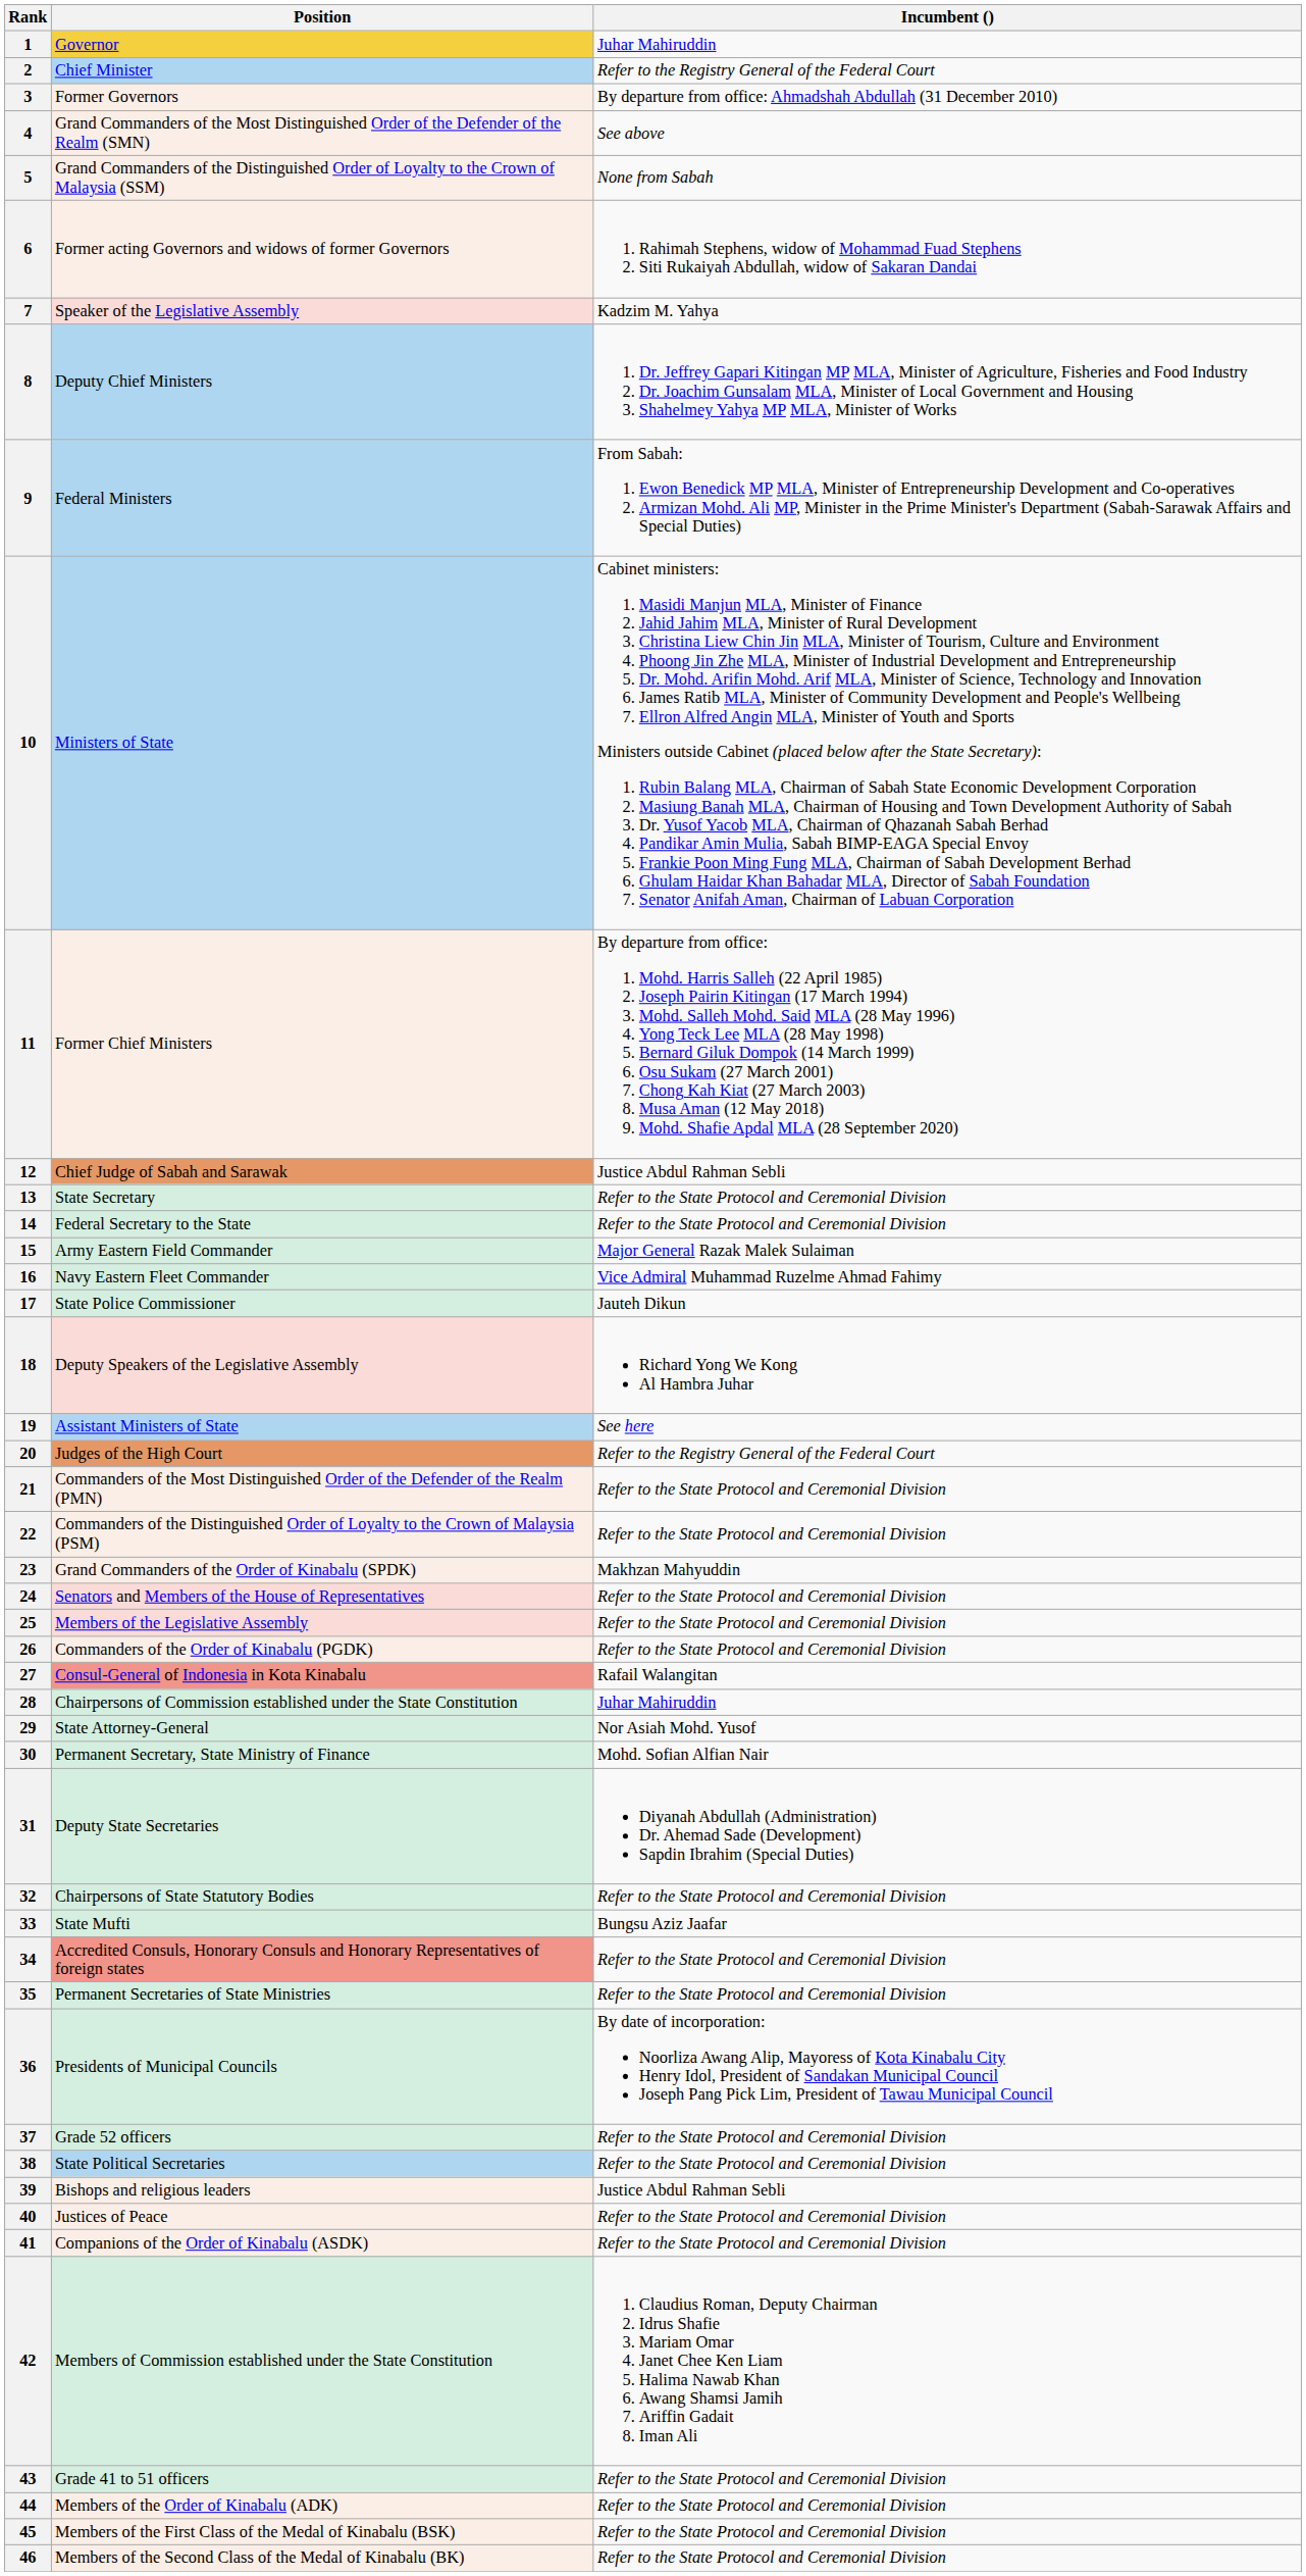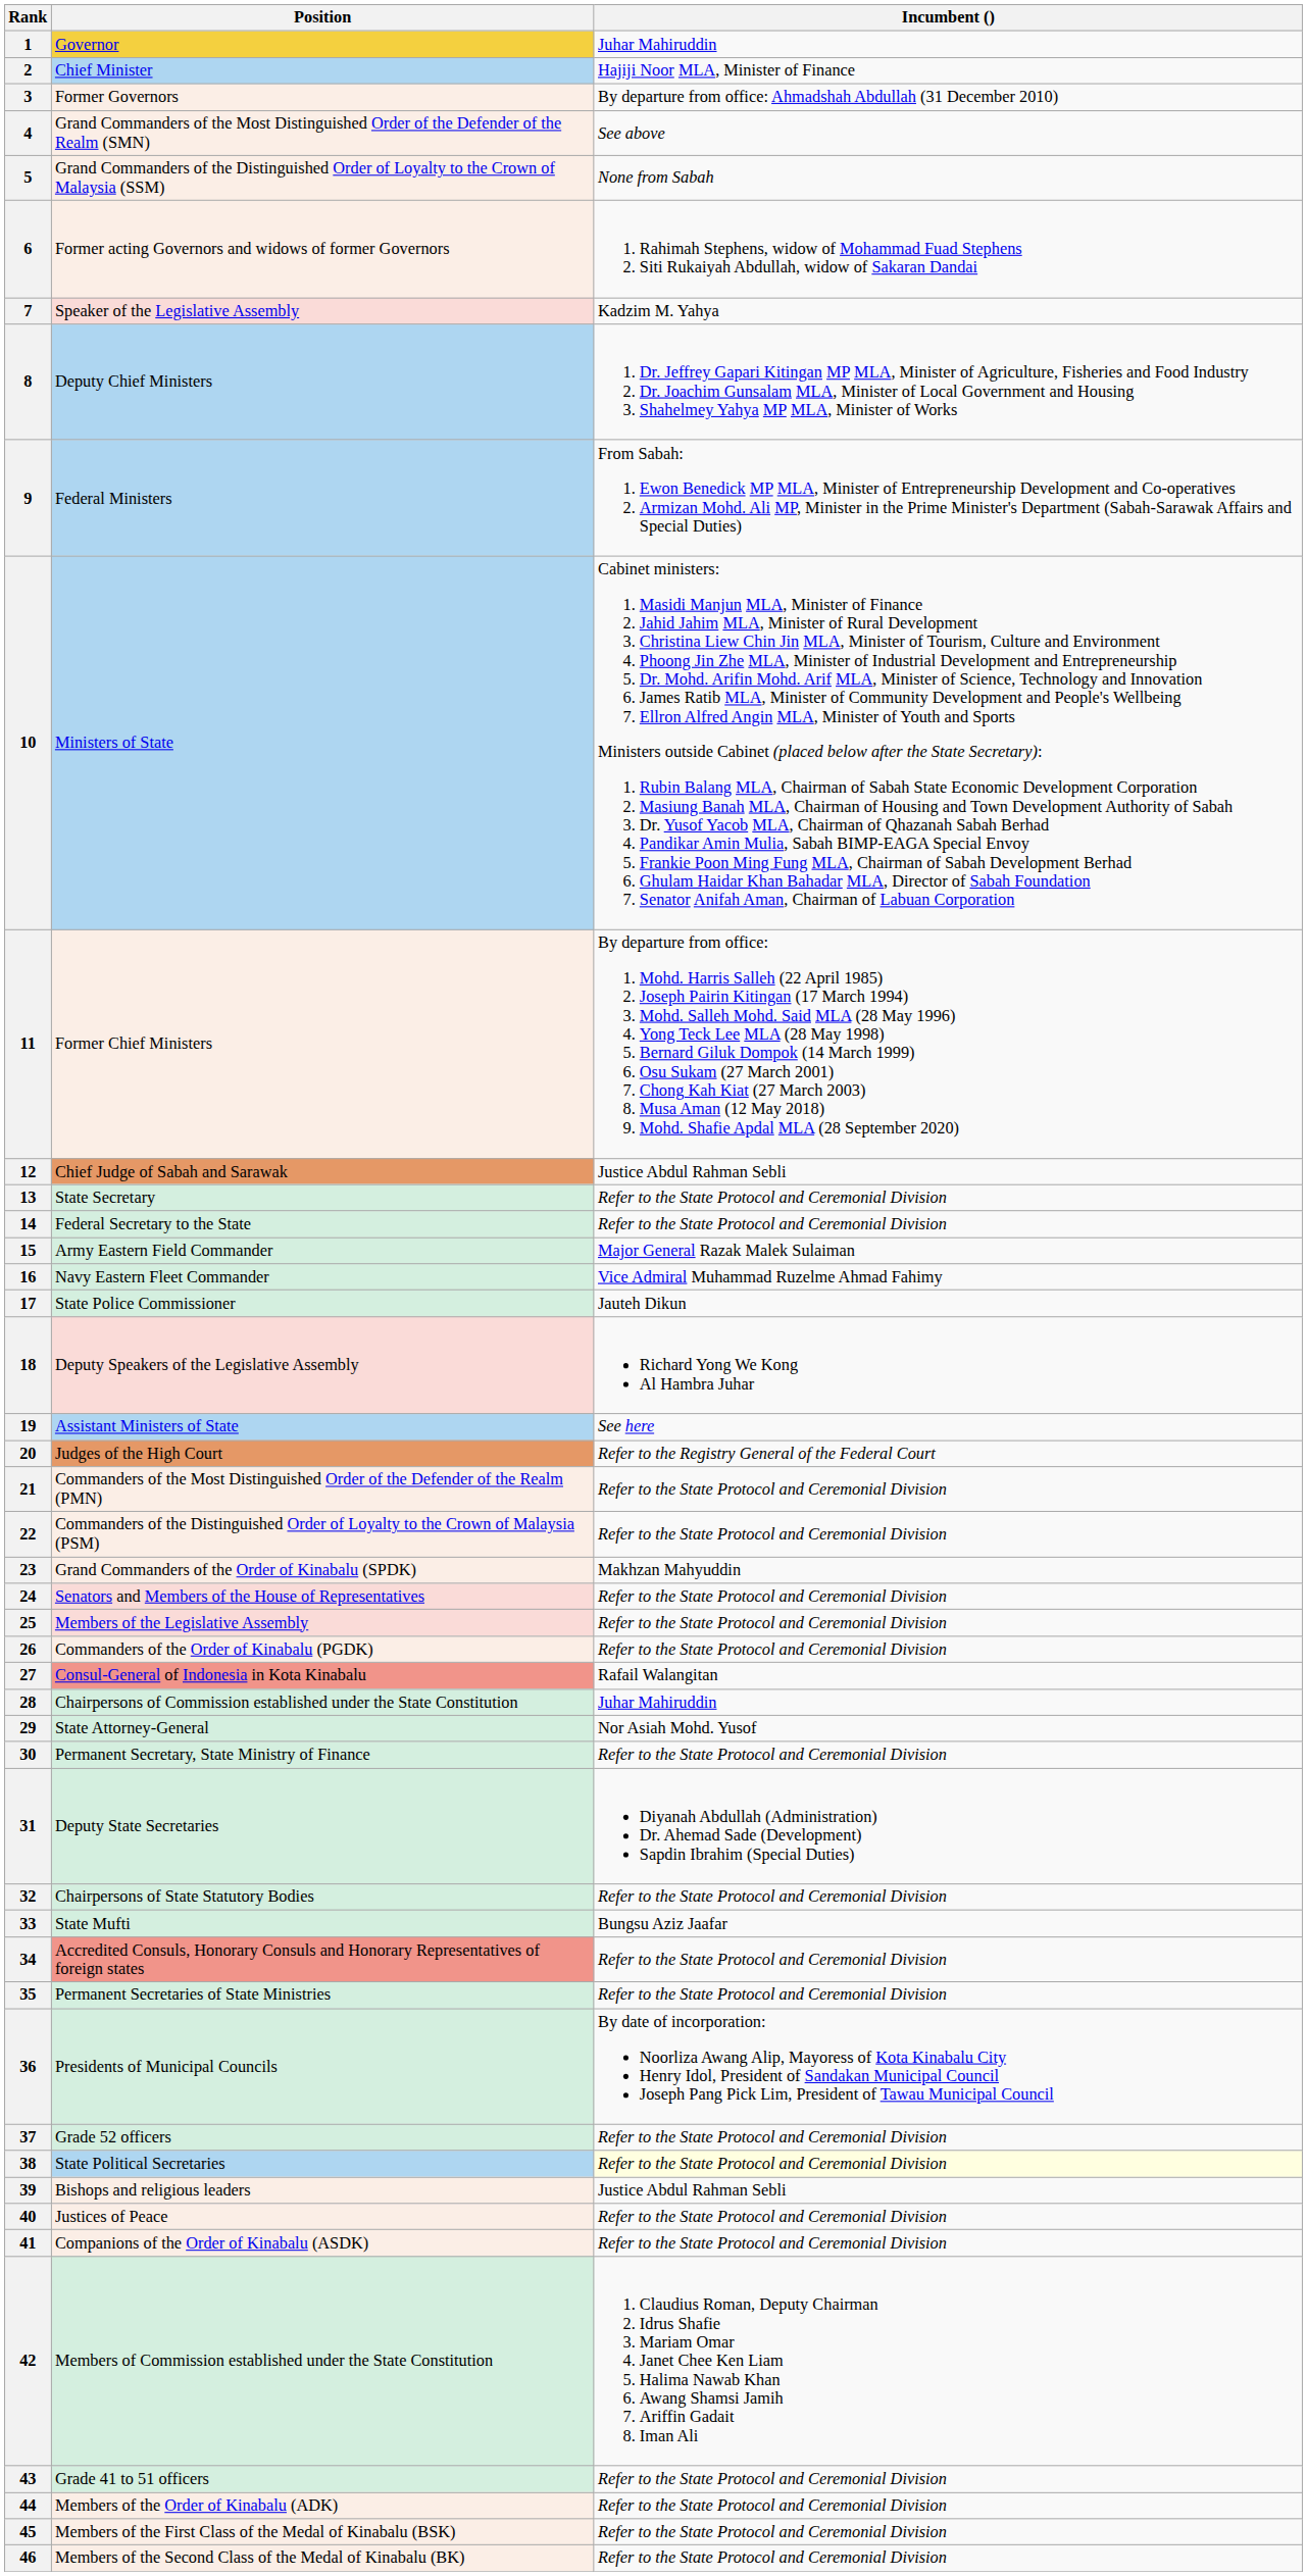 <table class="wikitable">
 <tr>
 <th>Rank</th>
 <th>Position</th>
 <th>Incumbent ()</th>
 </tr>
 <tr>
 <th>1</th>
 <td style="background:#F4D03F;"><a href='#'>Governor</a></td>
 <td><a href='#'>Juhar Mahiruddin</a></td>
 </tr>
 <tr>
 <th>2</th>
 <td style="background:#AED6F1;"><a href='#'>Chief Minister</a></td>
-<td><em>Refer to the Registry General of the Federal Court</em></td>
+<td><a href='#'>Hajiji Noor</a> <a href='#'>MLA</a>, Minister of Finance</td>
 </tr>
 <tr>
 <th>3</th>
 <td style="background:#FBEEE6;">Former Governors</td>
 <td>By departure from office: <a href='#'>Ahmadshah Abdullah</a> (31 December 2010)</td>
 </tr>
 <tr>
 <th>4</th>
 <td style="background:#FBEEE6;">Grand Commanders of the Most Distinguished <a href='#'>Order of the Defender of the Realm</a> (SMN)</td>
 <td><em>See above</em></td>
 </tr>
 <tr>
 <th>5</th>
 <td style="background:#FBEEE6;">Grand Commanders of the Distinguished <a href='#'>Order of Loyalty to the Crown of Malaysia</a> (SSM)</td>
 <td><em>None from Sabah</em></td>
 </tr>
 <tr>
 <th>6</th>
 <td style="background:#FBEEE6;">Former acting Governors and widows of former Governors</td>
 <td><br><ol><li>Rahimah Stephens, widow of <a href='#'>Mohammad Fuad Stephens</a></li><li>Siti Rukaiyah Abdullah, widow of <a href='#'>Sakaran Dandai</a></li></ol></td>
 </tr>
 <tr>
 <th>7</th>
 <td style="background:#FADBD8;">Speaker of the <a href='#'>Legislative Assembly</a></td>
 <td>Kadzim M. Yahya</td>
 </tr>
 <tr>
 <th>8</th>
 <td style="background:#AED6F1;">Deputy Chief Ministers</td>
 <td><br><ol><li><a href='#'>Dr. Jeffrey Gapari Kitingan</a> <a href='#'>MP</a> <a href='#'>MLA</a>, Minister of Agriculture, Fisheries and Food Industry</li><li><a href='#'>Dr. Joachim Gunsalam</a> <a href='#'>MLA</a>, Minister of Local Government and Housing</li><li><a href='#'>Shahelmey Yahya</a> <a href='#'>MP</a> <a href='#'>MLA</a>, Minister of Works</li></ol></td>
 </tr>
 <tr>
 <th>9</th>
 <td style="background:#AED6F1;">Federal Ministers</td>
 <td>From Sabah:<br><ol><li><a href='#'>Ewon Benedick</a> <a href='#'>MP</a> <a href='#'>MLA</a>, Minister of Entrepreneurship Development and Co-operatives</li><li><a href='#'>Armizan Mohd. Ali</a> <a href='#'>MP</a>, Minister in the Prime Minister's Department (Sabah-Sarawak Affairs and Special Duties)</li></ol></td>
 </tr>
 <tr>
 <th>10</th>
 <td style="background:#AED6F1;"><a href='#'>Ministers of State</a></td>
 <td>Cabinet ministers:<br><ol><li><a href='#'>Masidi Manjun</a> <a href='#'>MLA</a>, Minister of Finance</li><li><a href='#'>Jahid Jahim</a> <a href='#'>MLA</a>, Minister of Rural Development</li><li><a href='#'>Christina Liew Chin Jin</a> <a href='#'>MLA</a>, Minister of Tourism, Culture and Environment</li><li><a href='#'>Phoong Jin Zhe</a> <a href='#'>MLA</a>, Minister of Industrial Development and Entrepreneurship</li><li><a href='#'>Dr. Mohd. Arifin Mohd. Arif</a> <a href='#'>MLA</a>, Minister of Science, Technology and Innovation</li><li>James Ratib <a href='#'>MLA</a>, Minister of Community Development and People's Wellbeing</li><li><a href='#'>Ellron Alfred Angin</a> <a href='#'>MLA</a>, Minister of Youth and Sports</li></ol>Ministers outside Cabinet <em>(placed below after the State Secretary)</em>:<ol><li><a href='#'>Rubin Balang</a> <a href='#'>MLA</a>, Chairman of Sabah State Economic Development Corporation</li><li><a href='#'>Masiung Banah</a> <a href='#'>MLA</a>, Chairman of Housing and Town Development Authority of Sabah</li><li>Dr. <a href='#'>Yusof Yacob</a> <a href='#'>MLA</a>, Chairman of Qhazanah Sabah Berhad</li><li><a href='#'>Pandikar Amin Mulia</a>, Sabah BIMP-EAGA Special Envoy</li><li><a href='#'>Frankie Poon Ming Fung</a> <a href='#'>MLA</a>, Chairman of Sabah Development Berhad</li><li><a href='#'>Ghulam Haidar Khan Bahadar</a> <a href='#'>MLA</a>, Director of <a href='#'>Sabah Foundation</a></li><li><a href='#'>Senator</a> <a href='#'>Anifah Aman</a>, Chairman of <a href='#'>Labuan Corporation</a></li></ol></td>
 </tr>
 <tr>
 <th>11</th>
 <td style="background:#FBEEE6;">Former Chief Ministers</td>
 <td>By departure from office:<br><ol><li><a href='#'>Mohd. Harris Salleh</a> (22 April 1985)</li><li><a href='#'>Joseph Pairin Kitingan</a> (17 March 1994)</li><li><a href='#'>Mohd. Salleh Mohd. Said</a> <a href='#'>MLA</a> (28 May 1996)</li><li><a href='#'>Yong Teck Lee</a> <a href='#'>MLA</a> (28 May 1998)</li><li><a href='#'>Bernard Giluk Dompok</a> (14 March 1999)</li><li><a href='#'>Osu Sukam</a> (27 March 2001)</li><li><a href='#'>Chong Kah Kiat</a> (27 March 2003)</li><li><a href='#'>Musa Aman</a> (12 May 2018)</li><li><a href='#'>Mohd. Shafie Apdal</a> <a href='#'>MLA</a> (28 September 2020)</li></ol></td>
 </tr>
 <tr>
 <th>12</th>
 <td style="background:#E59866;">Chief Judge of Sabah and Sarawak</td>
 <td>Justice Abdul Rahman Sebli</td>
 </tr>
 <tr>
 <th>13</th>
 <td style="background:#D4EFDF;">State Secretary</td>
 <td><em>Refer to the State Protocol and Ceremonial Division</em></td>
 </tr>
 <tr>
 <th>14</th>
 <td style="background:#D4EFDF;">Federal Secretary to the State</td>
 <td><em>Refer to the State Protocol and Ceremonial Division</em></td>
 </tr>
 <tr>
 <th>15</th>
 <td style="background:#D4EFDF;">Army Eastern Field Commander</td>
 <td><a href='#'>Major General</a> Razak Malek Sulaiman</td>
 </tr>
 <tr>
 <th>16</th>
 <td style="background:#D4EFDF;">Navy Eastern Fleet Commander</td>
 <td><a href='#'>Vice Admiral</a> Muhammad Ruzelme Ahmad Fahimy</td>
 </tr>
 <tr>
 <th>17</th>
 <td style="background:#D4EFDF;">State Police Commissioner</td>
 <td>Jauteh Dikun</td>
 </tr>
 <tr>
 <th>18</th>
 <td style="background:#FADBD8;">Deputy Speakers of the Legislative Assembly</td>
 <td><br><ul><li>Richard Yong We Kong</li><li>Al Hambra Juhar</li></ul></td>
 </tr>
 <tr>
 <th>19</th>
 <td style="background:#AED6F1;"><a href='#'>Assistant Ministers of State</a></td>
 <td><em>See <a href='#'>here</a></em></td>
 </tr>
 <tr>
 <th>20</th>
 <td style="background:#E59866;">Judges of the High Court</td>
 <td><em>Refer to the Registry General of the Federal Court</em></td>
 </tr>
 <tr>
 <th>21</th>
 <td style="background:#FBEEE6;">Commanders of the Most Distinguished <a href='#'>Order of the Defender of the Realm</a> (PMN)</td>
 <td><em>Refer to the State Protocol and Ceremonial Division</em></td>
 </tr>
 <tr>
 <th>22</th>
 <td style="background:#FBEEE6;">Commanders of the Distinguished <a href='#'>Order of Loyalty to the Crown of Malaysia</a> (PSM)</td>
 <td><em>Refer to the State Protocol and Ceremonial Division</em></td>
 </tr>
 <tr>
 <th>23</th>
 <td style="background:#FBEEE6;">Grand Commanders of the <a href='#'>Order of Kinabalu</a> (SPDK)</td>
 <td>Makhzan Mahyuddin</td>
 </tr>
 <tr>
 <th>24</th>
 <td style="background:#FADBD8;"><a href='#'>Senators</a> and <a href='#'>Members of the House of Representatives</a></td>
 <td><em>Refer to the State Protocol and Ceremonial Division</em></td>
 </tr>
 <tr>
 <th>25</th>
 <td style="background:#FADBD8;"><a href='#'>Members of the Legislative Assembly</a></td>
 <td><em>Refer to the State Protocol and Ceremonial Division</em></td>
 </tr>
 <tr>
 <th>26</th>
 <td style="background:#FBEEE6;">Commanders of the <a href='#'>Order of Kinabalu</a> (PGDK)</td>
 <td><em>Refer to the State Protocol and Ceremonial Division</em></td>
 </tr>
 <tr>
 <th>27</th>
 <td style="background:#F1948A;"><a href='#'>Consul-General</a> of <a href='#'>Indonesia</a> in Kota Kinabalu</td>
 <td>Rafail Walangitan</td>
 </tr>
 <tr>
 <th>28</th>
 <td style="background:#D4EFDF;">Chairpersons of Commission established under the State Constitution</td>
 <td><a href='#'>Juhar Mahiruddin</a></td>
 </tr>
 <tr>
 <th>29</th>
 <td style="background:#D4EFDF;">State Attorney-General</td>
 <td>Nor Asiah Mohd. Yusof</td>
 </tr>
 <tr>
 <th>30</th>
 <td style="background:#D4EFDF;">Permanent Secretary, State Ministry of Finance</td>
-<td>Mohd. Sofian Alfian Nair</td>
+<td><em>Refer to the State Protocol and Ceremonial Division</em></td>
 </tr>
 <tr>
 <th>31</th>
 <td style="background:#D4EFDF;">Deputy State Secretaries</td>
 <td><br><ul><li>Diyanah Abdullah (Administration)</li><li>Dr. Ahemad Sade (Development)</li><li>Sapdin Ibrahim (Special Duties)</li></ul></td>
 </tr>
 <tr>
 <th>32</th>
 <td style="background:#D4EFDF;">Chairpersons of State Statutory Bodies</td>
 <td><em>Refer to the State Protocol and Ceremonial Division</em></td>
 </tr>
 <tr>
 <th>33</th>
 <td style="background:#D4EFDF;">State Mufti</td>
 <td>Bungsu Aziz Jaafar</td>
 </tr>
 <tr>
 <th>34</th>
 <td style="background:#F1948A;">Accredited Consuls, Honorary Consuls and Honorary Representatives of foreign states</td>
 <td><em>Refer to the State Protocol and Ceremonial Division</em></td>
 </tr>
 <tr>
 <th>35</th>
 <td style="background:#D4EFDF;">Permanent Secretaries of State Ministries</td>
 <td><em>Refer to the State Protocol and Ceremonial Division</em></td>
 </tr>
 <tr>
 <th>36</th>
 <td style="background:#D4EFDF;">Presidents of Municipal Councils</td>
 <td>By date of incorporation:<br><ul><li>Noorliza Awang Alip, Mayoress of <a href='#'>Kota Kinabalu City</a></li><li>Henry Idol, President of <a href='#'>Sandakan Municipal Council</a></li><li>Joseph Pang Pick Lim, President of <a href='#'>Tawau Municipal Council</a></li></ul></td>
 </tr>
 <tr>
 <th>37</th>
 <td style="background:#D4EFDF;">Grade 52 officers</td>
 <td><em>Refer to the State Protocol and Ceremonial Division</em></td>
 </tr>
 <tr>
 <th>38</th>
 <td style="background:#AED6F1;">State Political Secretaries</td>
-<td><em>Refer to the State Protocol and Ceremonial Division</em></td>
+<td style="background: lightyellow;"><em>Refer to the State Protocol and Ceremonial Division</em></td>
 </tr>
 <tr>
 <th>39</th>
 <td style="background:#FBEEE6;">Bishops and religious leaders</td>
 <td>Justice Abdul Rahman Sebli</td>
 </tr>
 <tr>
 <th>40</th>
 <td style="background:#FBEEE6;">Justices of Peace</td>
 <td><em>Refer to the State Protocol and Ceremonial Division</em></td>
 </tr>
 <tr>
 <th>41</th>
 <td style="background:#FBEEE6;">Companions of the <a href='#'>Order of Kinabalu</a> (ASDK)</td>
 <td><em>Refer to the State Protocol and Ceremonial Division</em></td>
 </tr>
 <tr>
 <th>42</th>
 <td style="background:#D4EFDF;">Members of Commission established under the State Constitution</td>
 <td><br><ol><li>Claudius Roman, Deputy Chairman</li><li>Idrus Shafie</li><li>Mariam Omar</li><li>Janet Chee Ken Liam</li><li>Halima Nawab Khan</li><li>Awang Shamsi Jamih</li><li>Ariffin Gadait</li><li>Iman Ali</li></ol></td>
 </tr>
 <tr>
 <th>43</th>
 <td style="background:#D4EFDF;">Grade 41 to 51 officers</td>
 <td><em>Refer to the State Protocol and Ceremonial Division</em></td>
 </tr>
 <tr>
 <th>44</th>
 <td style="background:#FBEEE6;">Members of the <a href='#'>Order of Kinabalu</a> (ADK)</td>
 <td><em>Refer to the State Protocol and Ceremonial Division</em></td>
 </tr>
 <tr>
 <th>45</th>
 <td style="background:#FBEEE6;">Members of the First Class of the Medal of Kinabalu (BSK)</td>
 <td><em>Refer to the State Protocol and Ceremonial Division</em></td>
 </tr>
 <tr>
 <th>46</th>
 <td style="background:#FBEEE6;">Members of the Second Class of the Medal of Kinabalu (BK)</td>
 <td><em>Refer to the State Protocol and Ceremonial Division</em></td>
 </tr>
 </table>
